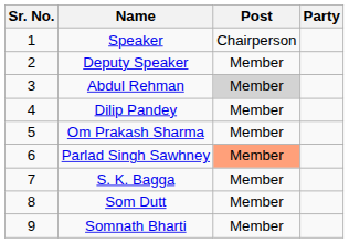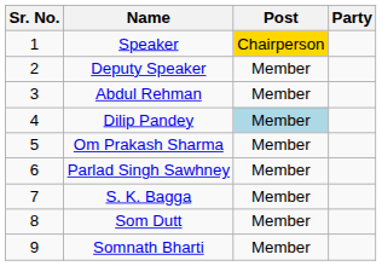 <table class="wikitable sortable">
 <tr>
 <th>Sr. No.</th>
 <th>Name</th>
 <th>Post</th>
 <th colspan="2">Party</th>
 </tr>
 <tr align="center">
 <td>1</td>
 <td><a href='#'>Speaker</a></td>
-<td>Chairperson</td>
+<td style="background: gold;">Chairperson</td>
 <td></td>
 </tr>
 <tr align="center">
 <td>2</td>
 <td><a href='#'>Deputy Speaker</a></td>
 <td>Member</td>
 <td></td>
 </tr>
 <tr align="center">
 <td>3</td>
 <td><a href='#'>Abdul Rehman</a></td>
-<td style="background: lightgrey;">Member</td>
+<td>Member</td>
 <td></td>
 </tr>
 <tr align="center">
 <td>4</td>
 <td><a href='#'>Dilip Pandey</a></td>
-<td>Member</td>
+<td style="background: lightblue;">Member</td>
 <td></td>
 </tr>
 <tr align="center">
 <td>5</td>
 <td><a href='#'>Om Prakash Sharma</a></td>
 <td>Member</td>
 <td></td>
 </tr>
 <tr align="center">
 <td>6</td>
 <td><a href='#'>Parlad Singh Sawhney</a></td>
-<td style="background: lightsalmon;">Member</td>
+<td>Member</td>
 <td></td>
 </tr>
 <tr align="center">
 <td>7</td>
 <td><a href='#'>S. K. Bagga</a></td>
 <td>Member</td>
 <td></td>
 </tr>
 <tr align="center">
 <td>8</td>
 <td><a href='#'>Som Dutt</a></td>
 <td>Member</td>
 <td></td>
 </tr>
 <tr align="center">
 <td>9</td>
 <td><a href='#'>Somnath Bharti</a></td>
 <td>Member</td>
 <td></td>
 </tr>
 </table>
